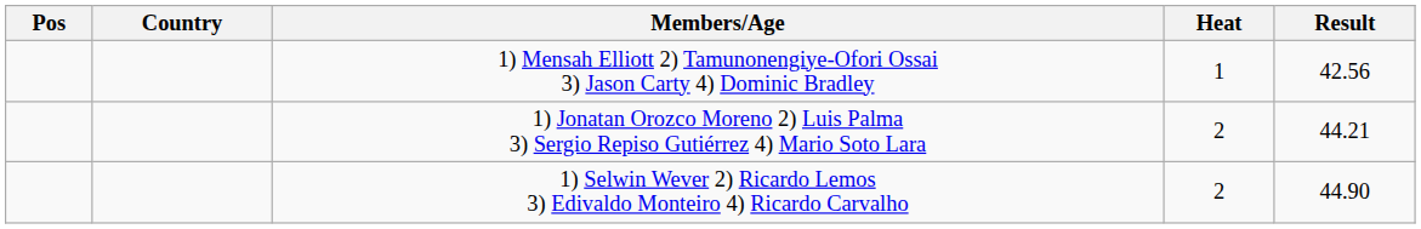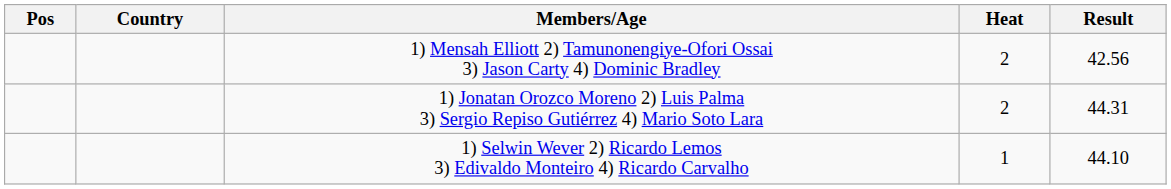 <table class="wikitable"  style="text-align:center; width:80%;">
 <tr>
 <th>Pos</th>
 <th>Country</th>
 <th>Members/Age</th>
 <th>Heat</th>
 <th>Result</th>
 </tr>
 <tr>
 <td align=center></td>
 <td align=left></td>
 <td>1) <a href='#'>Mensah Elliott</a> 2) <a href='#'>Tamunonengiye-Ofori Ossai</a><br>3) <a href='#'>Jason Carty</a> 4) <a href='#'>Dominic Bradley</a></td>
-<td>1</td>
+<td>2</td>
 <td>42.56</td>
 </tr>
 <tr>
 <td align=center></td>
 <td align=left></td>
 <td>1) <a href='#'>Jonatan Orozco Moreno</a> 2) <a href='#'>Luis Palma</a><br>3) <a href='#'>Sergio Repiso Gutiérrez</a> 4) <a href='#'>Mario Soto Lara</a></td>
 <td>2</td>
-<td>44.21</td>
+<td>44.31</td>
 </tr>
 <tr>
 <td align=center></td>
 <td align=left></td>
 <td>1) <a href='#'>Selwin Wever</a> 2) <a href='#'>Ricardo Lemos</a><br>3) <a href='#'>Edivaldo Monteiro</a> 4) <a href='#'>Ricardo Carvalho</a></td>
-<td>2</td>
-<td>44.90</td>
+<td>1</td>
+<td>44.10</td>
 </tr>
 </table>
